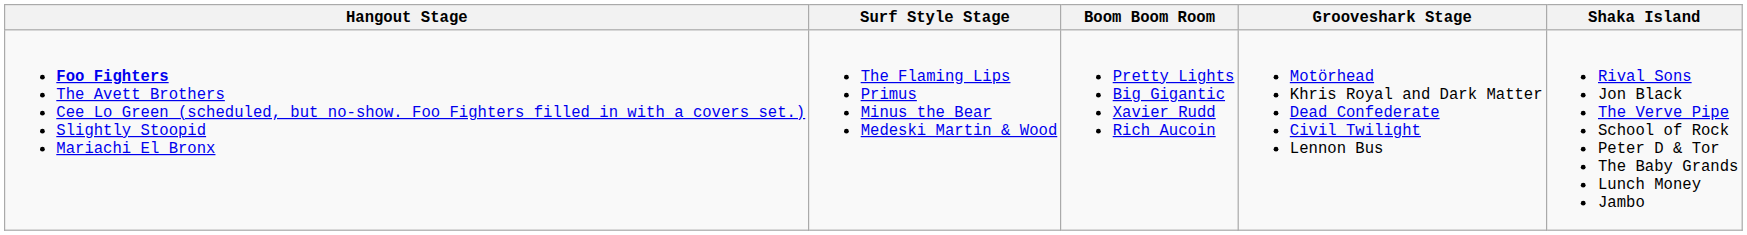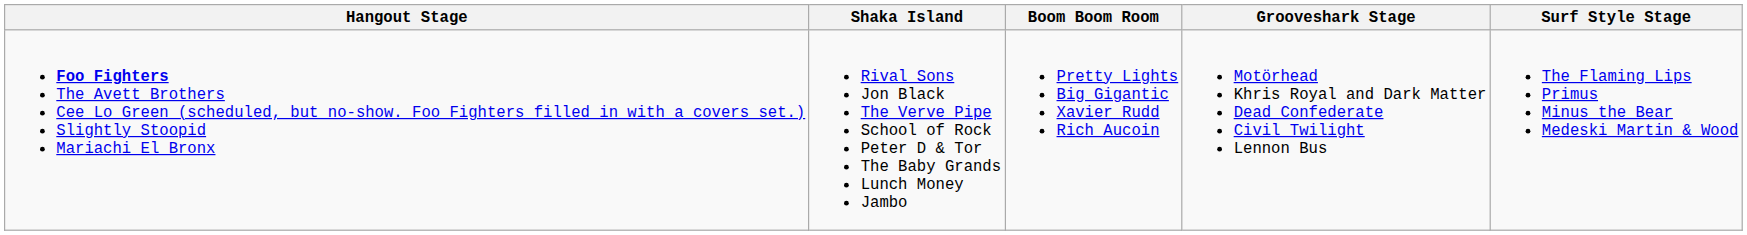 <table class="wikitable">
 <tr>
 <th>Hangout Stage</th>
-<th>Surf Style Stage</th>
+<th>Shaka Island</th>
 <th>Boom Boom Room</th>
 <th>Grooveshark Stage</th>
-<th>Shaka Island</th>
+<th>Surf Style Stage</th>
 </tr>
 <tr valign="top">
 <td><br><ul><li><strong><a href='#'>Foo Fighters</a></strong></li><li><a href='#'>The Avett Brothers</a></li><li><a href='#'>Cee Lo Green (scheduled, but no-show. Foo Fighters filled in with a covers set.)</a></li><li><a href='#'>Slightly Stoopid</a></li><li><a href='#'>Mariachi El Bronx</a></li></ul></td>
-<td><br><ul><li><a href='#'>The Flaming Lips</a></li><li><a href='#'>Primus</a></li><li><a href='#'>Minus the Bear</a></li><li><a href='#'>Medeski Martin & Wood</a></li></ul></td>
+<td><br><ul><li><a href='#'>Rival Sons</a></li><li>Jon Black</li><li><a href='#'>The Verve Pipe</a></li><li>School of Rock</li><li>Peter D & Tor</li><li>The Baby Grands</li><li>Lunch Money</li><li>Jambo</li></ul></td>
 <td><br><ul><li><a href='#'>Pretty Lights</a></li><li><a href='#'>Big Gigantic</a></li><li><a href='#'>Xavier Rudd</a></li><li><a href='#'>Rich Aucoin</a></li></ul></td>
 <td><br><ul><li><a href='#'>Motörhead</a></li><li>Khris Royal and Dark Matter</li><li><a href='#'>Dead Confederate</a></li><li><a href='#'>Civil Twilight</a></li><li>Lennon Bus</li></ul></td>
-<td><br><ul><li><a href='#'>Rival Sons</a></li><li>Jon Black</li><li><a href='#'>The Verve Pipe</a></li><li>School of Rock</li><li>Peter D & Tor</li><li>The Baby Grands</li><li>Lunch Money</li><li>Jambo</li></ul></td>
+<td><br><ul><li><a href='#'>The Flaming Lips</a></li><li><a href='#'>Primus</a></li><li><a href='#'>Minus the Bear</a></li><li><a href='#'>Medeski Martin & Wood</a></li></ul></td>
 </tr>
 </table>
